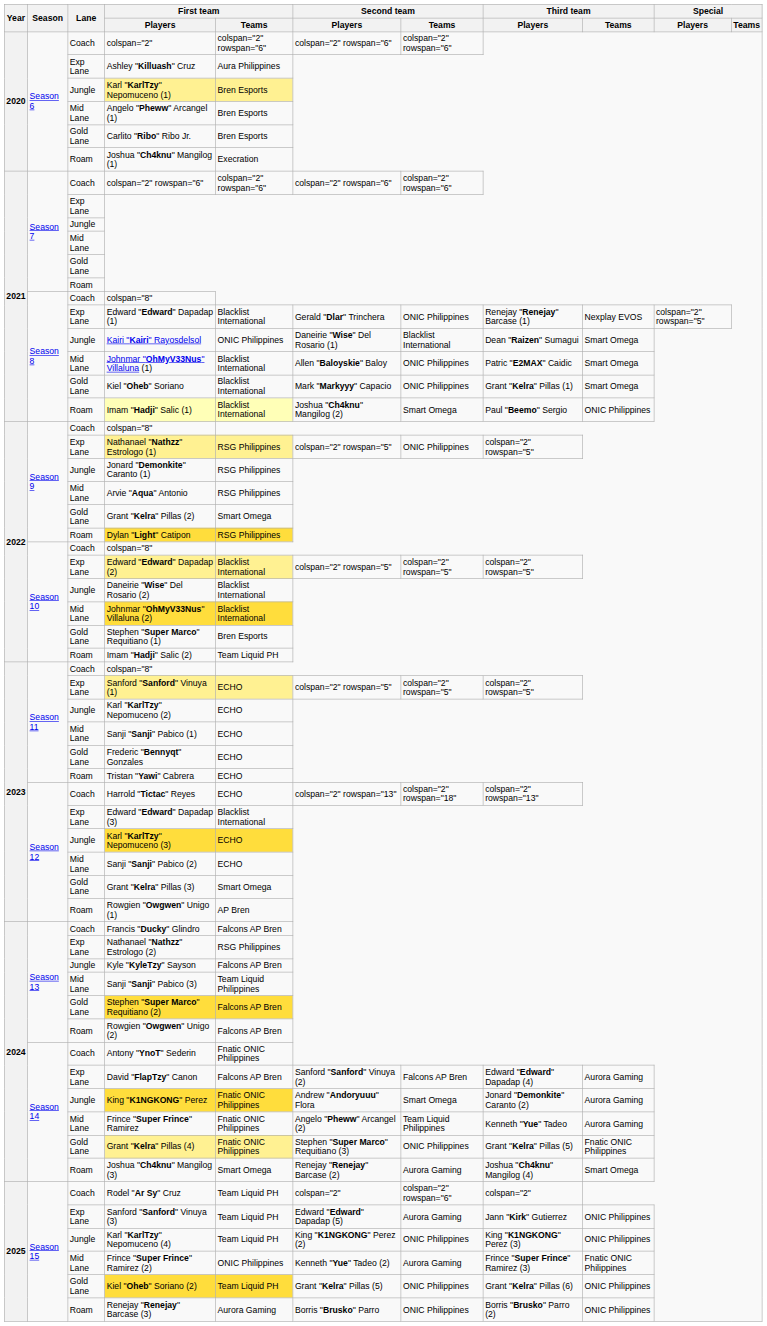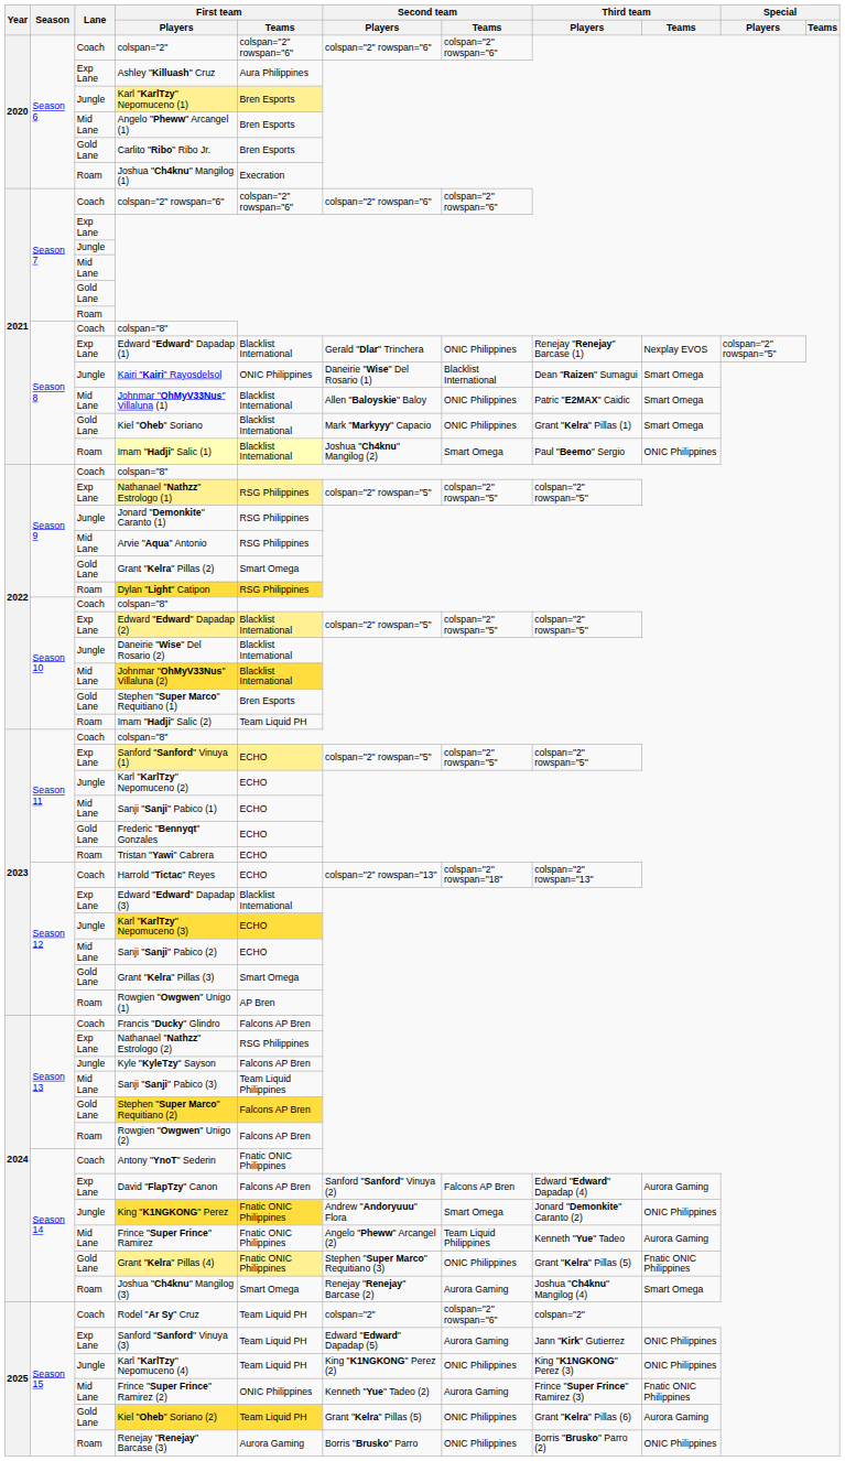 <table class="wikitable" style="margin-left:auto; margin-right: auto; font-size:90%;">
 <tr>
 <th rowspan="2">Year</th>
 <th rowspan="2">Season</th>
 <th rowspan="2">Lane</th>
 <th colspan="2">First team</th>
 <th colspan="2">Second team</th>
 <th colspan="2">Third team</th>
 <th colspan="2">Special</th>
 </tr>
 <tr>
 <th>Players</th>
 <th>Teams</th>
 <th>Players</th>
 <th>Teams</th>
 <th>Players</th>
 <th>Teams</th>
 <th>Players</th>
 <th>Teams</th>
 </tr>
 <tr>
 <th rowspan="6">2020</th>
 <td rowspan="6"><a href='#'>Season 6</a></td>
 <td>Coach</td>
 <td>colspan="2" </td>
 <td>colspan="2" rowspan="6" </td>
 <td>colspan="2" rowspan="6" </td>
 <td>colspan="2" rowspan="6" </td>
 </tr>
 <tr>
 <td>Exp Lane</td>
 <td>Ashley "<strong>Killuash</strong>" Cruz</td>
 <td>Aura Philippines</td>
 </tr>
 <tr>
 <td>Jungle</td>
 <td style="background:#FFF192;">Karl "<strong>KarlTzy</strong>" Nepomuceno (1)</td>
 <td style="background:#FFF192;">Bren Esports</td>
 </tr>
 <tr>
 <td>Mid Lane</td>
 <td>Angelo "<strong>Pheww</strong>" Arcangel (1)</td>
 <td>Bren Esports</td>
 </tr>
 <tr>
 <td>Gold Lane</td>
 <td>Carlito "<strong>Ribo</strong>" Ribo Jr.</td>
 <td>Bren Esports</td>
 </tr>
 <tr>
 <td>Roam</td>
 <td>Joshua "<strong>Ch4knu</strong>" Mangilog (1)</td>
 <td>Execration</td>
 </tr>
 <tr>
 <th rowspan="12">2021</th>
 <td rowspan="6"><a href='#'>Season 7</a></td>
 <td>Coach</td>
 <td>colspan="2" rowspan="6" </td>
 <td>colspan="2" rowspan="6" </td>
 <td>colspan="2" rowspan="6" </td>
 <td>colspan="2" rowspan="6" </td>
 </tr>
 <tr>
 <td>Exp Lane</td>
 </tr>
 <tr>
 <td>Jungle</td>
 </tr>
 <tr>
 <td>Mid Lane</td>
 </tr>
 <tr>
 <td>Gold Lane</td>
 </tr>
 <tr>
 <td>Roam</td>
 </tr>
 <tr>
 <td rowspan="6"><a href='#'>Season 8</a></td>
 <td>Coach</td>
 <td>colspan="8" </td>
 </tr>
 <tr>
 <td>Exp Lane</td>
 <td>Edward "<strong>Edward</strong>" Dapadap (1)</td>
 <td>Blacklist International</td>
 <td>Gerald "<strong>Dlar</strong>" Trinchera</td>
 <td>ONIC Philippines</td>
 <td>Renejay "<strong>Renejay</strong>" Barcase (1)</td>
 <td>Nexplay EVOS</td>
 <td>colspan="2" rowspan="5" </td>
 </tr>
 <tr>
 <td>Jungle</td>
 <td><a href='#'>Kairi "<strong>Kairi</strong>" Rayosdelsol</a></td>
 <td>ONIC Philippines</td>
 <td>Daneirie "<strong>Wise</strong>" Del Rosario (1)</td>
 <td>Blacklist International</td>
 <td>Dean "<strong>Raizen</strong>" Sumagui</td>
 <td>Smart Omega</td>
 </tr>
 <tr>
 <td>Mid Lane</td>
 <td><a href='#'>Johnmar "<strong>OhMyV33Nus</strong>" Villaluna</a> (1)</td>
 <td>Blacklist International</td>
 <td>Allen "<strong>Baloyskie</strong>" Baloy</td>
 <td>ONIC Philippines</td>
 <td>Patric "<strong>E2MAX</strong>" Caidic</td>
 <td>Smart Omega</td>
 </tr>
 <tr>
 <td>Gold Lane</td>
 <td>Kiel "<strong>Oheb</strong>" Soriano</td>
 <td>Blacklist International</td>
 <td>Mark "<strong>Markyyy</strong>" Capacio</td>
 <td>ONIC Philippines</td>
 <td>Grant "<strong>Kelra</strong>" Pillas (1)</td>
 <td>Smart Omega</td>
 </tr>
 <tr>
 <td>Roam</td>
 <td style="background:#FFFFB7;">Imam "<strong>Hadji</strong>" Salic (1)</td>
 <td style="background:#FFFFB7;">Blacklist International</td>
 <td>Joshua "<strong>Ch4knu</strong>" Mangilog (2)</td>
 <td>Smart Omega</td>
 <td>Paul "<strong>Beemo</strong>" Sergio</td>
 <td>ONIC Philippines</td>
 </tr>
 <tr>
 <th rowspan="12">2022</th>
 <td rowspan="6"><a href='#'>Season 9</a></td>
 <td>Coach</td>
 <td>colspan="8" </td>
 </tr>
 <tr>
 <td>Exp Lane</td>
 <td style="background:#FFF192;">Nathanael "<strong>Nathzz</strong>" Estrologo (1)</td>
 <td style="background:#FFF192;">RSG Philippines</td>
 <td>colspan="2" rowspan="5" </td>
-<td>ONIC Philippines</td>
+<td>colspan="2" rowspan="5" </td>
 <td>colspan="2" rowspan="5" </td>
 </tr>
 <tr>
 <td>Jungle</td>
 <td>Jonard "<strong>Demonkite</strong>" Caranto (1)</td>
 <td>RSG Philippines</td>
 </tr>
 <tr>
 <td>Mid Lane</td>
 <td>Arvie "<strong>Aqua</strong>" Antonio</td>
 <td>RSG Philippines</td>
 </tr>
 <tr>
 <td>Gold Lane</td>
 <td>Grant "<strong>Kelra</strong>" Pillas (2)</td>
 <td>Smart Omega</td>
 </tr>
 <tr>
 <td>Roam</td>
 <td style="background:#FFDD3C;">Dylan "<strong>Light</strong>" Catipon</td>
 <td style="background:#FFDD3C;">RSG Philippines</td>
 </tr>
 <tr>
 <td rowspan="6"><a href='#'>Season 10</a></td>
 <td>Coach</td>
 <td>colspan="8" </td>
 </tr>
 <tr>
 <td>Exp Lane</td>
 <td style="background:#FFF192;">Edward "<strong>Edward</strong>" Dapadap (2)</td>
 <td style="background:#FFF192;">Blacklist International</td>
 <td>colspan="2" rowspan="5" </td>
 <td>colspan="2" rowspan="5" </td>
 <td>colspan="2" rowspan="5" </td>
 </tr>
 <tr>
 <td>Jungle</td>
 <td>Daneirie "<strong>Wise</strong>" Del Rosario (2)</td>
 <td>Blacklist International</td>
 </tr>
 <tr>
 <td>Mid Lane</td>
 <td style="background:#FFDD3C;">Johnmar "<strong>OhMyV33Nus</strong>" Villaluna (2)</td>
 <td style="background:#FFDD3C;">Blacklist International</td>
 </tr>
 <tr>
 <td>Gold Lane</td>
 <td>Stephen "<strong>Super Marco</strong>" Requitiano (1)</td>
 <td>Bren Esports</td>
 </tr>
 <tr>
 <td>Roam</td>
 <td>Imam "<strong>Hadji</strong>" Salic (2)</td>
 <td>Team Liquid PH</td>
 </tr>
 <tr>
 <th rowspan="12">2023</th>
 <td rowspan="6"><a href='#'>Season 11</a></td>
 <td>Coach</td>
 <td>colspan="8" </td>
 </tr>
 <tr>
 <td>Exp Lane</td>
 <td style="background:#FFF192;">Sanford "<strong>Sanford</strong>" Vinuya (1)</td>
 <td style="background:#FFF192;">ECHO</td>
 <td>colspan="2" rowspan="5" </td>
 <td>colspan="2" rowspan="5" </td>
 <td>colspan="2" rowspan="5" </td>
 </tr>
 <tr>
 <td>Jungle</td>
 <td>Karl "<strong>KarlTzy</strong>" Nepomuceno (2)</td>
 <td>ECHO</td>
 </tr>
 <tr>
 <td>Mid Lane</td>
 <td>Sanji "<strong>Sanji</strong>" Pabico (1)</td>
 <td>ECHO</td>
 </tr>
 <tr>
 <td>Gold Lane</td>
 <td>Frederic "<strong>Bennyqt</strong>" Gonzales</td>
 <td>ECHO</td>
 </tr>
 <tr>
 <td>Roam</td>
 <td>Tristan "<strong>Yawi</strong>" Cabrera</td>
 <td>ECHO</td>
 </tr>
 <tr>
 <td rowspan="6"><a href='#'>Season 12</a></td>
 <td>Coach</td>
 <td>Harrold "<strong>Tictac</strong>" Reyes</td>
 <td>ECHO</td>
 <td>colspan="2" rowspan="13" </td>
 <td>colspan="2" rowspan="18" </td>
 <td>colspan="2" rowspan="13" </td>
 </tr>
 <tr>
 <td>Exp Lane</td>
 <td>Edward "<strong>Edward</strong>" Dapadap (3)</td>
 <td>Blacklist International</td>
 </tr>
 <tr>
 <td>Jungle</td>
 <td style="background:#FFDD3C;">Karl "<strong>KarlTzy</strong>" Nepomuceno (3)</td>
 <td style="background:#FFDD3C;">ECHO</td>
 </tr>
 <tr>
 <td>Mid Lane</td>
 <td>Sanji "<strong>Sanji</strong>" Pabico (2)</td>
 <td>ECHO</td>
 </tr>
 <tr>
 <td>Gold Lane</td>
 <td>Grant "<strong>Kelra</strong>" Pillas (3)</td>
 <td>Smart Omega</td>
 </tr>
 <tr>
 <td>Roam</td>
 <td>Rowgien "<strong>Owgwen</strong>" Unigo (1)</td>
 <td>AP Bren</td>
 </tr>
 <tr>
 <th rowspan="12">2024</th>
 <td rowspan="6"><a href='#'>Season 13</a></td>
 <td>Coach</td>
 <td>Francis "<strong>Ducky</strong>" Glindro</td>
 <td>Falcons AP Bren</td>
 </tr>
 <tr>
 <td>Exp Lane</td>
 <td>Nathanael "<strong>Nathzz</strong>" Estrologo (2)</td>
 <td>RSG Philippines</td>
 </tr>
 <tr>
 <td>Jungle</td>
 <td>Kyle "<strong>KyleTzy</strong>" Sayson</td>
 <td>Falcons AP Bren</td>
 </tr>
 <tr>
 <td>Mid Lane</td>
 <td>Sanji "<strong>Sanji</strong>" Pabico (3)</td>
 <td>Team Liquid Philippines</td>
 </tr>
 <tr>
 <td>Gold Lane</td>
 <td style="background:#FFDD3C;">Stephen "<strong>Super Marco</strong>" Requitiano (2)</td>
 <td style="background:#FFDD3C;">Falcons AP Bren</td>
 </tr>
 <tr>
 <td>Roam</td>
 <td>Rowgien "<strong>Owgwen</strong>" Unigo (2)</td>
 <td>Falcons AP Bren</td>
 </tr>
 <tr>
 <td rowspan="6"><a href='#'>Season 14</a></td>
 <td>Coach</td>
 <td>Antony "<strong>YnoT</strong>" Sederin</td>
 <td>Fnatic ONIC Philippines</td>
 </tr>
 <tr>
 <td>Exp Lane</td>
 <td>David "<strong>FlapTzy</strong>" Canon</td>
 <td>Falcons AP Bren</td>
 <td>Sanford "<strong>Sanford</strong>" Vinuya (2)</td>
 <td>Falcons AP Bren</td>
 <td>Edward "<strong>Edward</strong>" Dapadap (4)</td>
 <td>Aurora Gaming</td>
 </tr>
 <tr>
 <td>Jungle</td>
 <td style="background:#FFDD3C;">King "<strong>K1NGKONG</strong>" Perez</td>
 <td style="background:#FFDD3C;">Fnatic ONIC Philippines</td>
 <td>Andrew "<strong>Andoryuuu</strong>" Flora</td>
 <td>Smart Omega</td>
 <td>Jonard "<strong>Demonkite</strong>" Caranto (2)</td>
-<td>Aurora Gaming</td>
+<td>ONIC Philippines</td>
 </tr>
 <tr>
 <td>Mid Lane</td>
 <td>Frince "<strong>Super Frince</strong>" Ramirez</td>
 <td>Fnatic ONIC Philippines</td>
 <td>Angelo "<strong>Pheww</strong>" Arcangel (2)</td>
 <td>Team Liquid Philippines</td>
 <td>Kenneth "<strong>Yue</strong>" Tadeo</td>
 <td>Aurora Gaming</td>
 </tr>
 <tr>
 <td>Gold Lane</td>
 <td style="background:#FFF192;">Grant "<strong>Kelra</strong>" Pillas (4)</td>
 <td style="background:#FFF192;">Fnatic ONIC Philippines</td>
 <td>Stephen "<strong>Super Marco</strong>" Requitiano (3)</td>
 <td>ONIC Philippines</td>
 <td>Grant "<strong>Kelra</strong>" Pillas (5)</td>
 <td>Fnatic ONIC Philippines</td>
 </tr>
 <tr>
 <td>Roam</td>
 <td>Joshua "<strong>Ch4knu</strong>" Mangilog (3)</td>
 <td>Smart Omega</td>
 <td>Renejay "<strong>Renejay</strong>" Barcase (2)</td>
 <td>Aurora Gaming</td>
 <td>Joshua "<strong>Ch4knu</strong>" Mangilog (4)</td>
 <td>Smart Omega</td>
 </tr>
 <tr>
 <th rowspan="6">2025</th>
 <td rowspan="6"><a href='#'>Season 15</a></td>
 <td>Coach</td>
 <td>Rodel "<strong>Ar Sy</strong>" Cruz</td>
 <td>Team Liquid PH</td>
 <td>colspan="2" </td>
 <td>colspan="2" rowspan="6" </td>
 <td>colspan="2" </td>
 </tr>
 <tr>
 <td>Exp Lane</td>
 <td>Sanford "<strong>Sanford</strong>" Vinuya (3)</td>
 <td>Team Liquid PH</td>
 <td>Edward "<strong>Edward</strong>" Dapadap (5)</td>
 <td>Aurora Gaming</td>
 <td>Jann "<strong>Kirk</strong>" Gutierrez</td>
 <td>ONIC Philippines</td>
 </tr>
 <tr>
 <td>Jungle</td>
 <td>Karl "<strong>KarlTzy</strong>" Nepomuceno (4)</td>
 <td>Team Liquid PH</td>
 <td>King "<strong>K1NGKONG</strong>" Perez (2)</td>
 <td>ONIC Philippines</td>
 <td>King "<strong>K1NGKONG</strong>" Perez (3)</td>
 <td>ONIC Philippines</td>
 </tr>
 <tr>
 <td>Mid Lane</td>
 <td>Frince "<strong>Super Frince</strong>" Ramirez (2)</td>
 <td>ONIC Philippines</td>
 <td>Kenneth "<strong>Yue</strong>" Tadeo (2)</td>
 <td>Aurora Gaming</td>
 <td>Frince "<strong>Super Frince</strong>" Ramirez (3)</td>
 <td>Fnatic ONIC Philippines</td>
 </tr>
 <tr>
 <td>Gold Lane</td>
 <td style="background:#FFDD3C;">Kiel "<strong>Oheb</strong>" Soriano (2)</td>
 <td style="background:#FFDD3C;">Team Liquid PH</td>
 <td>Grant "<strong>Kelra</strong>" Pillas (5)</td>
 <td>ONIC Philippines</td>
 <td>Grant "<strong>Kelra</strong>" Pillas (6)</td>
-<td>ONIC Philippines</td>
+<td>Aurora Gaming</td>
 </tr>
 <tr>
 <td>Roam</td>
 <td>Renejay "<strong>Renejay</strong>" Barcase (3)</td>
 <td>Aurora Gaming</td>
 <td>Borris "<strong>Brusko</strong>" Parro</td>
 <td>ONIC Philippines</td>
 <td>Borris "<strong>Brusko</strong>" Parro (2)</td>
 <td>ONIC Philippines</td>
 </tr>
 </table>
